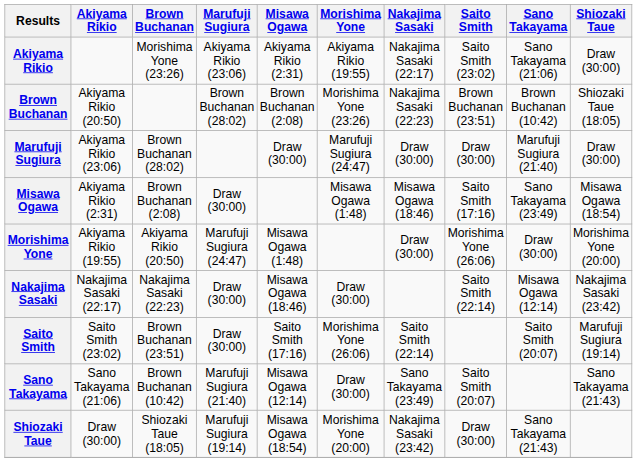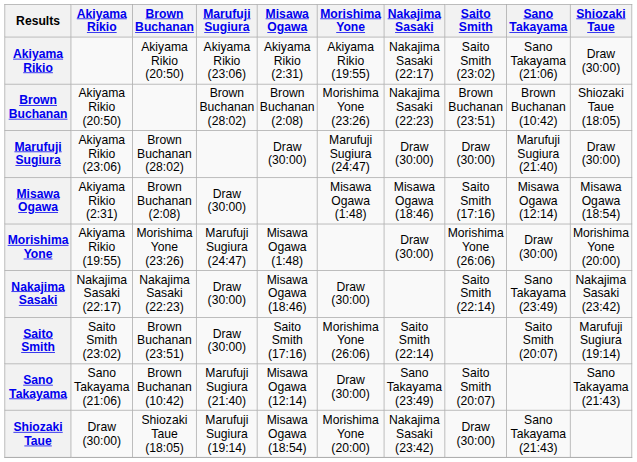 <table class="wikitable" style="margin: 1em auto 1em auto;text-align:center">
 <tr>
 <th>Results</th>
 <th><a href='#'>Akiyama</a><br><a href='#'>Rikio</a></th>
 <th><a href='#'>Brown</a><br><a href='#'>Buchanan</a></th>
 <th><a href='#'>Marufuji</a><br><a href='#'>Sugiura</a></th>
 <th><a href='#'>Misawa</a><br><a href='#'>Ogawa</a></th>
 <th><a href='#'>Morishima</a><br><a href='#'>Yone</a></th>
 <th><a href='#'>Nakajima</a><br><a href='#'>Sasaki</a></th>
 <th><a href='#'>Saito</a><br><a href='#'>Smith</a></th>
 <th><a href='#'>Sano</a><br><a href='#'>Takayama</a></th>
 <th><a href='#'>Shiozaki</a><br><a href='#'>Taue</a></th>
 </tr>
 <tr>
 <th><a href='#'>Akiyama</a><br><a href='#'>Rikio</a></th>
 <td></td>
-<td>Morishima<br>Yone<br>(23:26)</td>
+<td>Akiyama<br>Rikio<br>(20:50)</td>
 <td>Akiyama<br>Rikio<br>(23:06)</td>
 <td>Akiyama<br>Rikio<br>(2:31)</td>
 <td>Akiyama<br>Rikio<br>(19:55)</td>
 <td>Nakajima<br>Sasaki<br>(22:17)</td>
 <td>Saito<br>Smith<br>(23:02)</td>
 <td>Sano<br>Takayama<br>(21:06)</td>
 <td>Draw<br>(30:00)</td>
 </tr>
 <tr>
 <th><a href='#'>Brown</a><br><a href='#'>Buchanan</a></th>
 <td>Akiyama<br>Rikio<br>(20:50)</td>
 <td></td>
 <td>Brown<br>Buchanan<br>(28:02)</td>
 <td>Brown<br>Buchanan<br>(2:08)</td>
 <td>Morishima<br>Yone<br>(23:26)</td>
 <td>Nakajima<br>Sasaki<br>(22:23)</td>
 <td>Brown<br>Buchanan<br>(23:51)</td>
 <td>Brown<br>Buchanan<br>(10:42)</td>
 <td>Shiozaki<br>Taue<br>(18:05)</td>
 </tr>
 <tr>
 <th><a href='#'>Marufuji</a><br><a href='#'>Sugiura</a></th>
 <td>Akiyama<br>Rikio<br>(23:06)</td>
 <td>Brown<br>Buchanan<br>(28:02)</td>
 <td></td>
 <td>Draw<br>(30:00)</td>
 <td>Marufuji<br>Sugiura<br>(24:47)</td>
 <td>Draw<br>(30:00)</td>
 <td>Draw<br>(30:00)</td>
 <td>Marufuji<br>Sugiura<br>(21:40)</td>
 <td>Draw<br>(30:00)</td>
 </tr>
 <tr>
 <th><a href='#'>Misawa</a><br><a href='#'>Ogawa</a></th>
 <td>Akiyama<br>Rikio<br>(2:31)</td>
 <td>Brown<br>Buchanan<br>(2:08)</td>
 <td>Draw<br>(30:00)</td>
 <td></td>
 <td>Misawa<br>Ogawa<br>(1:48)</td>
 <td>Misawa<br>Ogawa<br>(18:46)</td>
 <td>Saito<br>Smith<br>(17:16)</td>
-<td>Sano<br>Takayama<br>(23:49)</td>
+<td>Misawa<br>Ogawa<br>(12:14)</td>
 <td>Misawa<br>Ogawa<br>(18:54)</td>
 </tr>
 <tr>
 <th><a href='#'>Morishima</a><br><a href='#'>Yone</a></th>
 <td>Akiyama<br>Rikio<br>(19:55)</td>
-<td>Akiyama<br>Rikio<br>(20:50)</td>
+<td>Morishima<br>Yone<br>(23:26)</td>
 <td>Marufuji<br>Sugiura<br>(24:47)</td>
 <td>Misawa<br>Ogawa<br>(1:48)</td>
 <td></td>
 <td>Draw<br>(30:00)</td>
 <td>Morishima<br>Yone<br>(26:06)</td>
 <td>Draw<br>(30:00)</td>
 <td>Morishima<br>Yone<br>(20:00)</td>
 </tr>
 <tr>
 <th><a href='#'>Nakajima</a><br><a href='#'>Sasaki</a></th>
 <td>Nakajima<br>Sasaki<br>(22:17)</td>
 <td>Nakajima<br>Sasaki<br>(22:23)</td>
 <td>Draw<br>(30:00)</td>
 <td>Misawa<br>Ogawa<br>(18:46)</td>
 <td>Draw<br>(30:00)</td>
 <td></td>
 <td>Saito<br>Smith<br>(22:14)</td>
-<td>Misawa<br>Ogawa<br>(12:14)</td>
+<td>Sano<br>Takayama<br>(23:49)</td>
 <td>Nakajima<br>Sasaki<br>(23:42)</td>
 </tr>
 <tr>
 <th><a href='#'>Saito</a><br><a href='#'>Smith</a></th>
 <td>Saito<br>Smith<br>(23:02)</td>
 <td>Brown<br>Buchanan<br>(23:51)</td>
 <td>Draw<br>(30:00)</td>
 <td>Saito<br>Smith<br>(17:16)</td>
 <td>Morishima<br>Yone<br>(26:06)</td>
 <td>Saito<br>Smith<br>(22:14)</td>
 <td></td>
 <td>Saito<br>Smith<br>(20:07)</td>
 <td>Marufuji<br>Sugiura<br>(19:14)</td>
 </tr>
 <tr>
 <th><a href='#'>Sano</a><br><a href='#'>Takayama</a></th>
 <td>Sano<br>Takayama<br>(21:06)</td>
 <td>Brown<br>Buchanan<br>(10:42)</td>
 <td>Marufuji<br>Sugiura<br>(21:40)</td>
 <td>Misawa<br>Ogawa<br>(12:14)</td>
 <td>Draw<br>(30:00)</td>
 <td>Sano<br>Takayama<br>(23:49)</td>
 <td>Saito<br>Smith<br>(20:07)</td>
 <td></td>
 <td>Sano<br>Takayama<br>(21:43)</td>
 </tr>
 <tr>
 <th><a href='#'>Shiozaki</a><br><a href='#'>Taue</a></th>
 <td>Draw<br>(30:00)</td>
 <td>Shiozaki<br>Taue<br>(18:05)</td>
 <td>Marufuji<br>Sugiura<br>(19:14)</td>
 <td>Misawa<br>Ogawa<br>(18:54)</td>
 <td>Morishima<br>Yone<br>(20:00)</td>
 <td>Nakajima<br>Sasaki<br>(23:42)</td>
 <td>Draw<br>(30:00)</td>
 <td>Sano<br>Takayama<br>(21:43)</td>
 <td></td>
 </tr>
 <tr>
 </tr>
 </table>
